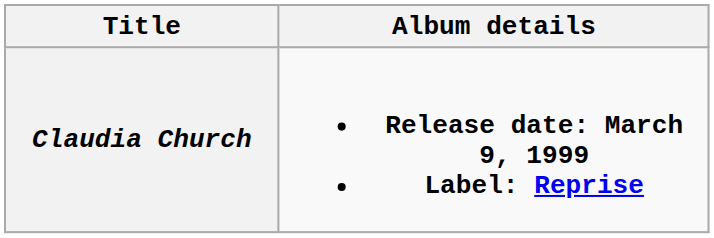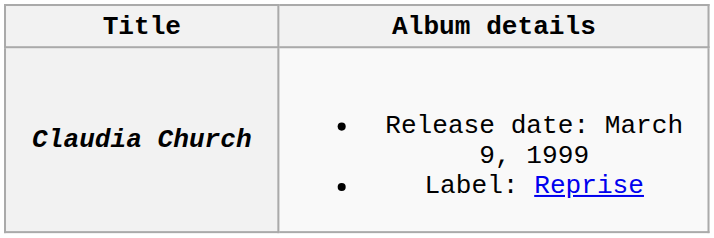 <table class="wikitable plainrowheaders" style="text-align:center;">
 <tr>
 <th style="width:10em;">Title</th>
 <th style="width:16em;">Album details</th>
 </tr>
 <tr>
 <th scope="row"><em>Claudia Church</em></th>
-<td><strong><br><ul><li>Release date: March 9, 1999</li><li>Label: <a href='#'>Reprise</a></li></ul></strong></td>
+<td><br><ul><li>Release date: March 9, 1999</li><li>Label: <a href='#'>Reprise</a></li></ul></td>
 </tr>
 </table>
